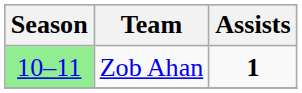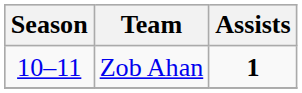 <table class="wikitable" style="text-align: center;">
 <tr>
 <th>Season</th>
 <th>Team</th>
 <th>Assists</th>
 </tr>
 <tr>
-<td style="background: lightgreen;"><a href='#'>10–11</a></td>
+<td><a href='#'>10–11</a></td>
 <td align="left"><a href='#'>Zob Ahan</a></td>
 <td><strong>1</strong></td>
 </tr>
 <tr>
 </tr>
 </table>
